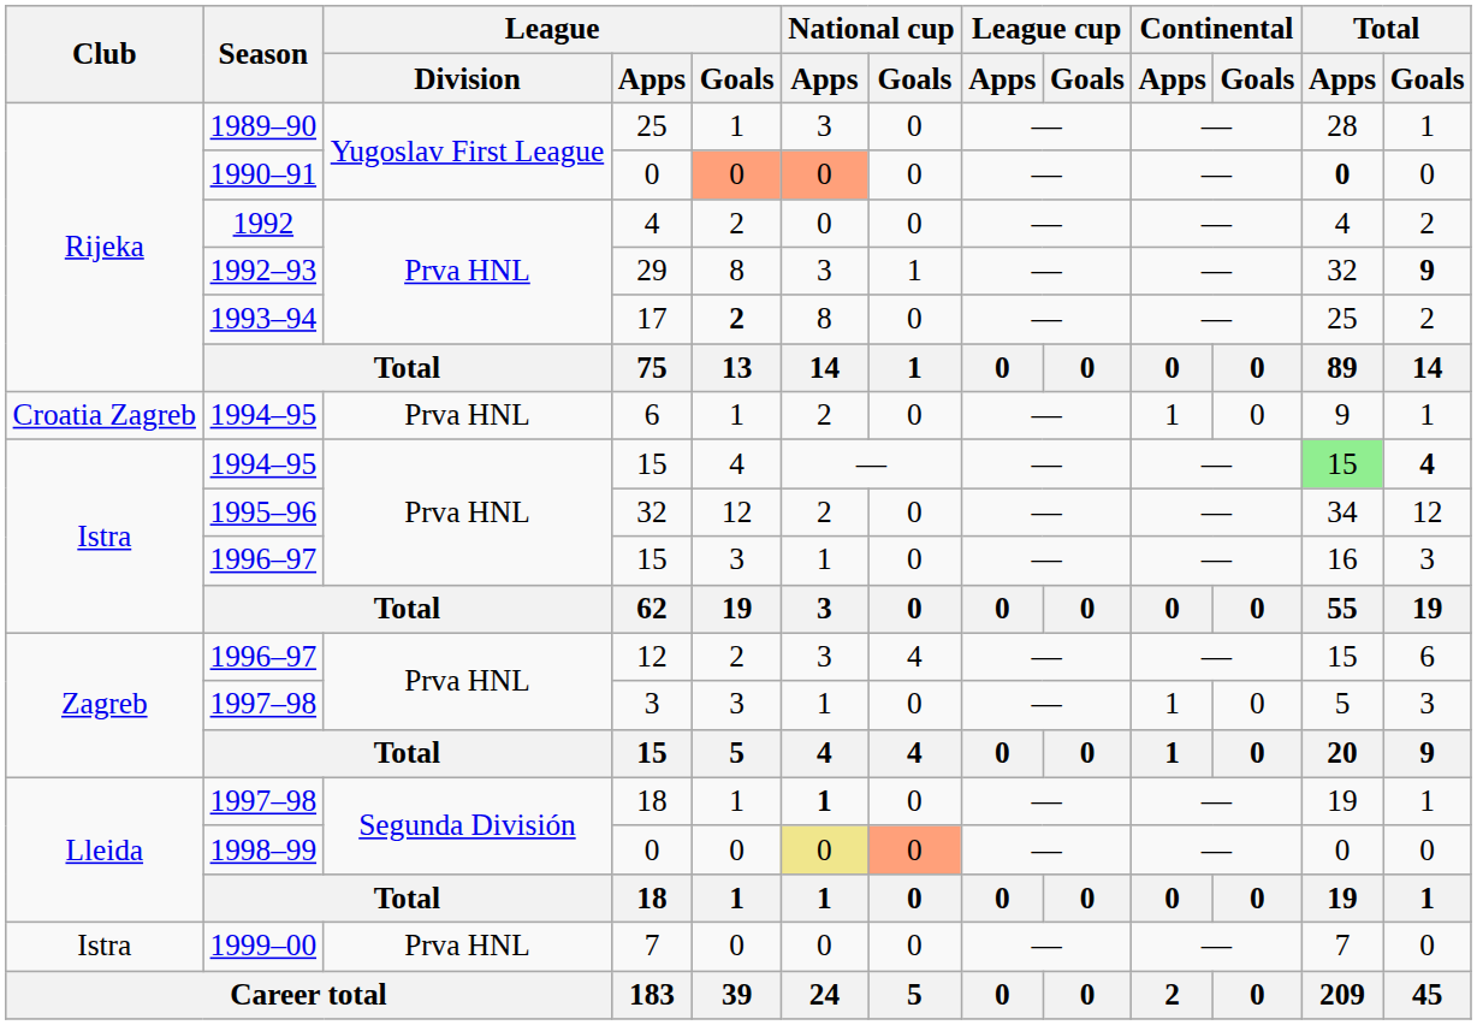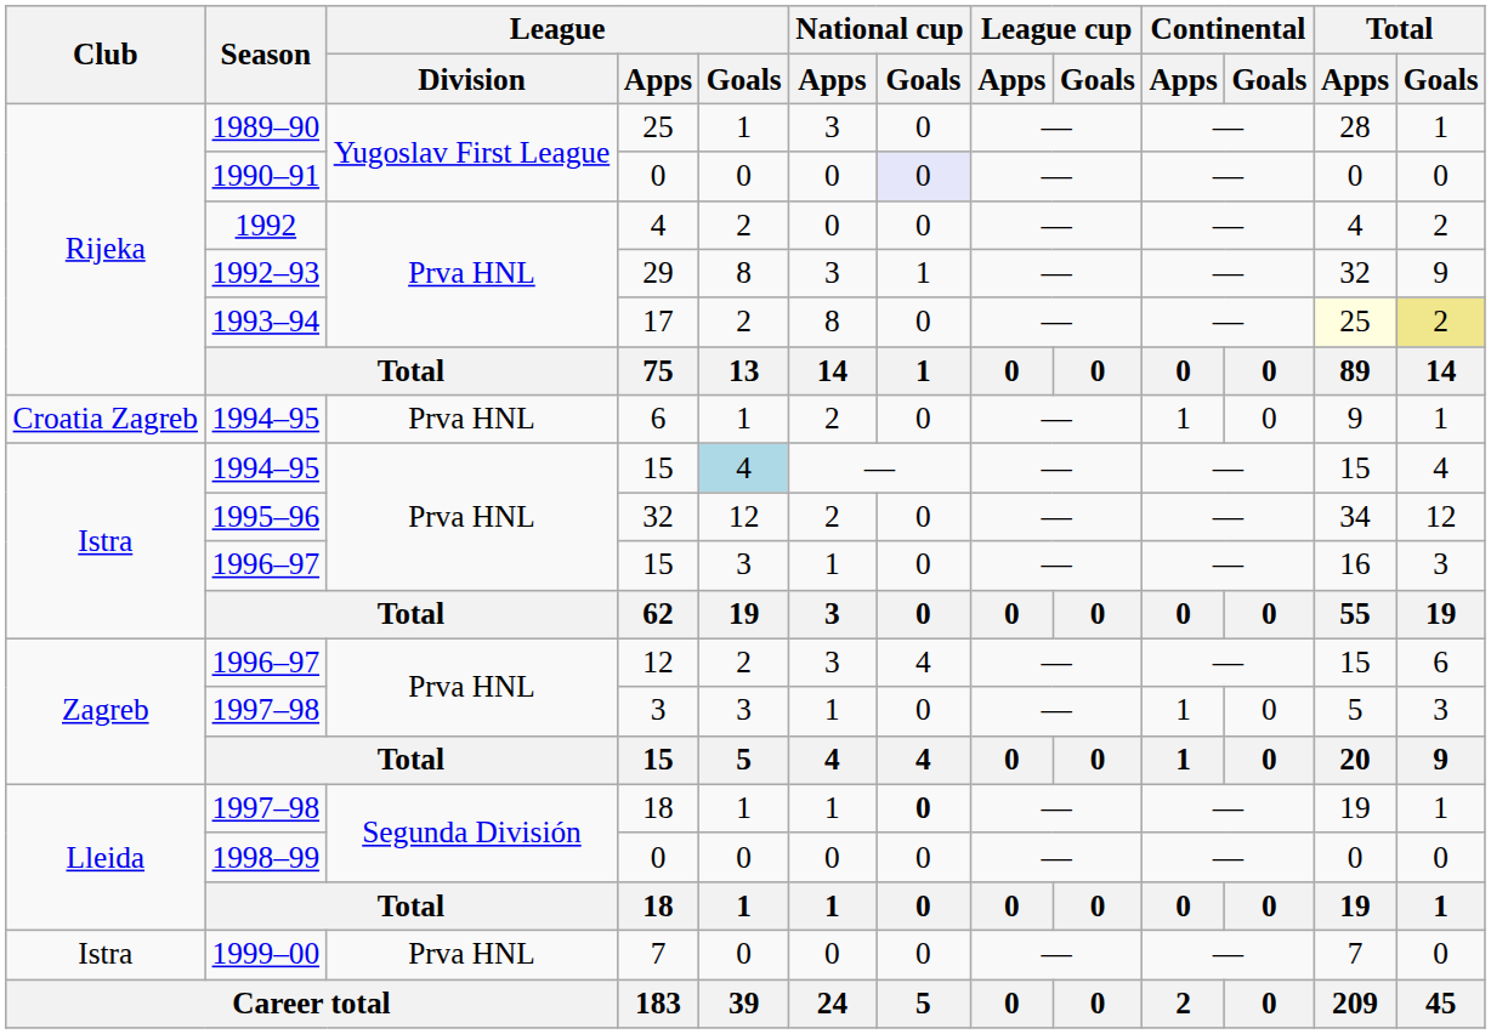 <table class="wikitable" style="text-align:center">
 <tr>
 <th rowspan="2">Club</th>
 <th rowspan="2">Season</th>
 <th colspan="3">League</th>
 <th colspan="2">National cup</th>
 <th colspan="2">League cup</th>
 <th colspan="2">Continental</th>
 <th colspan="2">Total</th>
 </tr>
 <tr>
 <th>Division</th>
 <th>Apps</th>
 <th>Goals</th>
 <th>Apps</th>
 <th>Goals</th>
 <th>Apps</th>
 <th>Goals</th>
 <th>Apps</th>
 <th>Goals</th>
 <th>Apps</th>
 <th>Goals</th>
 </tr>
 <tr>
 <td rowspan="6"><a href='#'>Rijeka</a></td>
 <td><a href='#'>1989–90</a></td>
 <td rowspan="2"><a href='#'>Yugoslav First League</a></td>
 <td>25</td>
 <td>1</td>
 <td>3</td>
 <td>0</td>
 <td colspan="2">—</td>
 <td colspan="2">—</td>
 <td>28</td>
 <td>1</td>
 </tr>
 <tr>
 <td><a href='#'>1990–91</a></td>
 <td>0</td>
-<td style="background: lightsalmon;">0</td>
-<td style="background: lightsalmon;">0</td>
 <td>0</td>
+<td>0</td>
+<td style="background: lavender;">0</td>
 <td colspan="2">—</td>
 <td colspan="2">—</td>
-<td><strong>0</strong></td>
+<td>0</td>
 <td>0</td>
 </tr>
 <tr>
 <td><a href='#'>1992</a></td>
 <td rowspan="3"><a href='#'>Prva HNL</a></td>
 <td>4</td>
 <td>2</td>
 <td>0</td>
 <td>0</td>
 <td colspan="2">—</td>
 <td colspan="2">—</td>
 <td>4</td>
 <td>2</td>
 </tr>
 <tr>
 <td><a href='#'>1992–93</a></td>
 <td>29</td>
 <td>8</td>
 <td>3</td>
 <td>1</td>
 <td colspan="2">—</td>
 <td colspan="2">—</td>
 <td>32</td>
-<td><strong>9</strong></td>
+<td>9</td>
 </tr>
 <tr>
 <td><a href='#'>1993–94</a></td>
 <td>17</td>
-<td><strong>2</strong></td>
+<td>2</td>
 <td>8</td>
 <td>0</td>
 <td colspan="2">—</td>
 <td colspan="2">—</td>
-<td>25</td>
-<td>2</td>
+<td style="background: lightyellow;">25</td>
+<td style="background: khaki;">2</td>
 </tr>
 <tr>
 <th colspan="2">Total</th>
 <th>75</th>
 <th>13</th>
 <th>14</th>
 <th>1</th>
 <th>0</th>
 <th>0</th>
 <th>0</th>
 <th>0</th>
 <th>89</th>
 <th>14</th>
 </tr>
 <tr>
 <td><a href='#'>Croatia Zagreb</a></td>
 <td><a href='#'>1994–95</a></td>
 <td>Prva HNL</td>
 <td>6</td>
 <td>1</td>
 <td>2</td>
 <td>0</td>
 <td colspan="2">—</td>
 <td>1</td>
 <td>0</td>
 <td>9</td>
 <td>1</td>
 </tr>
 <tr>
 <td rowspan="4"><a href='#'>Istra</a></td>
 <td><a href='#'>1994–95</a></td>
 <td rowspan="3">Prva HNL</td>
 <td>15</td>
-<td>4</td>
+<td style="background: lightblue;">4</td>
 <td colspan="2">—</td>
 <td colspan="2">—</td>
 <td colspan="2">—</td>
-<td style="background: lightgreen;">15</td>
-<td><strong>4</strong></td>
+<td>15</td>
+<td>4</td>
 </tr>
 <tr>
 <td><a href='#'>1995–96</a></td>
 <td>32</td>
 <td>12</td>
 <td>2</td>
 <td>0</td>
 <td colspan="2">—</td>
 <td colspan="2">—</td>
 <td>34</td>
 <td>12</td>
 </tr>
 <tr>
 <td><a href='#'>1996–97</a></td>
 <td>15</td>
 <td>3</td>
 <td>1</td>
 <td>0</td>
 <td colspan="2">—</td>
 <td colspan="2">—</td>
 <td>16</td>
 <td>3</td>
 </tr>
 <tr>
 <th colspan="2">Total</th>
 <th>62</th>
 <th>19</th>
 <th>3</th>
 <th>0</th>
 <th>0</th>
 <th>0</th>
 <th>0</th>
 <th>0</th>
 <th>55</th>
 <th>19</th>
 </tr>
 <tr>
 <td rowspan="3"><a href='#'>Zagreb</a></td>
 <td><a href='#'>1996–97</a></td>
 <td rowspan="2">Prva HNL</td>
 <td>12</td>
 <td>2</td>
 <td>3</td>
 <td>4</td>
 <td colspan="2">—</td>
 <td colspan="2">—</td>
 <td>15</td>
 <td>6</td>
 </tr>
 <tr>
 <td><a href='#'>1997–98</a></td>
 <td>3</td>
 <td>3</td>
 <td>1</td>
 <td>0</td>
 <td colspan="2">—</td>
 <td>1</td>
 <td>0</td>
 <td>5</td>
 <td>3</td>
 </tr>
 <tr>
 <th colspan="2">Total</th>
 <th>15</th>
 <th>5</th>
 <th>4</th>
 <th>4</th>
 <th>0</th>
 <th>0</th>
 <th>1</th>
 <th>0</th>
 <th>20</th>
 <th>9</th>
 </tr>
 <tr>
 <td rowspan="3"><a href='#'>Lleida</a></td>
 <td><a href='#'>1997–98</a></td>
 <td rowspan="2"><a href='#'>Segunda División</a></td>
 <td>18</td>
 <td>1</td>
-<td><strong>1</strong></td>
-<td>0</td>
+<td>1</td>
+<td><strong>0</strong></td>
 <td colspan="2">—</td>
 <td colspan="2">—</td>
 <td>19</td>
 <td>1</td>
 </tr>
 <tr>
 <td><a href='#'>1998–99</a></td>
 <td>0</td>
 <td>0</td>
-<td style="background: khaki;">0</td>
-<td style="background: lightsalmon;">0</td>
+<td>0</td>
+<td>0</td>
 <td colspan="2">—</td>
 <td colspan="2">—</td>
 <td>0</td>
 <td>0</td>
 </tr>
 <tr>
 <th colspan="2">Total</th>
 <th>18</th>
 <th>1</th>
 <th>1</th>
 <th>0</th>
 <th>0</th>
 <th>0</th>
 <th>0</th>
 <th>0</th>
 <th>19</th>
 <th>1</th>
 </tr>
 <tr>
 <td>Istra</td>
 <td><a href='#'>1999–00</a></td>
 <td>Prva HNL</td>
 <td>7</td>
 <td>0</td>
 <td>0</td>
 <td>0</td>
 <td colspan="2">—</td>
 <td colspan="2">—</td>
 <td>7</td>
 <td>0</td>
 </tr>
 <tr>
 <th colspan="3">Career total</th>
 <th>183</th>
 <th>39</th>
 <th>24</th>
 <th>5</th>
 <th>0</th>
 <th>0</th>
 <th>2</th>
 <th>0</th>
 <th>209</th>
 <th>45</th>
 </tr>
 </table>
